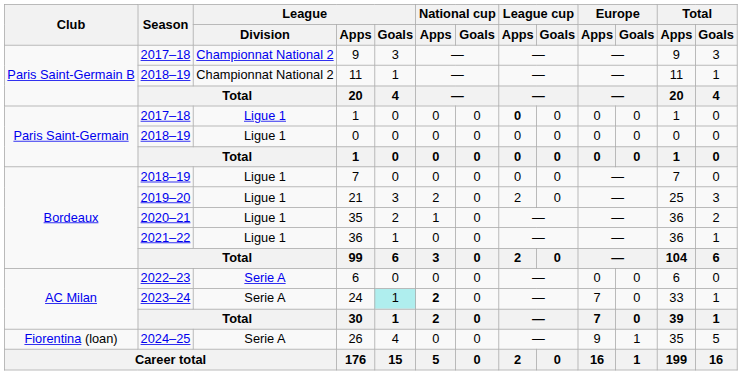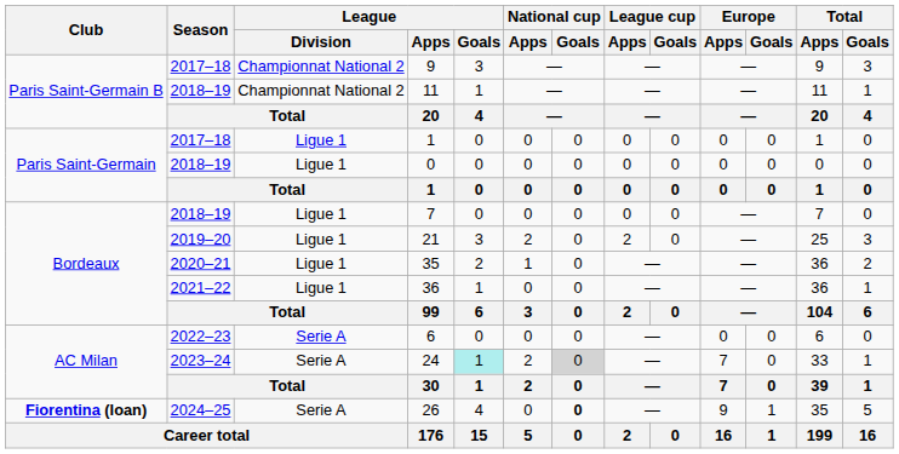 <table class="wikitable" style="text-align: center">
 <tr>
 <th rowspan="2">Club</th>
 <th rowspan="2">Season</th>
 <th colspan="3">League</th>
 <th colspan="2">National cup</th>
 <th colspan="2">League cup</th>
 <th colspan="2">Europe</th>
 <th colspan="2">Total</th>
 </tr>
 <tr>
 <th>Division</th>
 <th>Apps</th>
 <th>Goals</th>
 <th>Apps</th>
 <th>Goals</th>
 <th>Apps</th>
 <th>Goals</th>
 <th>Apps</th>
 <th>Goals</th>
 <th>Apps</th>
 <th>Goals</th>
 </tr>
 <tr>
 <td rowspan="3"><a href='#'>Paris Saint-Germain B</a></td>
 <td><a href='#'>2017–18</a></td>
 <td><a href='#'>Championnat National 2</a></td>
 <td>9</td>
 <td>3</td>
 <td colspan="2">—</td>
 <td colspan="2">—</td>
 <td colspan="2">—</td>
 <td>9</td>
 <td>3</td>
 </tr>
 <tr>
 <td><a href='#'>2018–19</a></td>
 <td>Championnat National 2</td>
 <td>11</td>
 <td>1</td>
 <td colspan="2">—</td>
 <td colspan="2">—</td>
 <td colspan="2">—</td>
 <td>11</td>
 <td>1</td>
 </tr>
 <tr>
 <th colspan="2">Total</th>
 <th>20</th>
 <th>4</th>
 <th colspan="2">—</th>
 <th colspan="2">—</th>
 <th colspan="2">—</th>
 <th>20</th>
 <th>4</th>
 </tr>
 <tr>
 <td rowspan="3"><a href='#'>Paris Saint-Germain</a></td>
 <td><a href='#'>2017–18</a></td>
 <td><a href='#'>Ligue 1</a></td>
 <td>1</td>
 <td>0</td>
 <td>0</td>
 <td>0</td>
-<td><strong>0</strong></td>
+<td>0</td>
 <td>0</td>
 <td>0</td>
 <td>0</td>
 <td>1</td>
 <td>0</td>
 </tr>
 <tr>
 <td><a href='#'>2018–19</a></td>
 <td>Ligue 1</td>
 <td>0</td>
 <td>0</td>
 <td>0</td>
 <td>0</td>
 <td>0</td>
 <td>0</td>
 <td>0</td>
 <td>0</td>
 <td>0</td>
 <td>0</td>
 </tr>
 <tr>
 <th colspan="2">Total</th>
 <th>1</th>
 <th>0</th>
 <th>0</th>
 <th>0</th>
 <th>0</th>
 <th>0</th>
 <th>0</th>
 <th>0</th>
 <th>1</th>
 <th>0</th>
 </tr>
 <tr>
 <td rowspan="5"><a href='#'>Bordeaux</a></td>
 <td><a href='#'>2018–19</a></td>
 <td>Ligue 1</td>
 <td>7</td>
 <td>0</td>
 <td>0</td>
 <td>0</td>
 <td>0</td>
 <td>0</td>
 <td colspan="2">—</td>
 <td>7</td>
 <td>0</td>
 </tr>
 <tr>
 <td><a href='#'>2019–20</a></td>
 <td>Ligue 1</td>
 <td>21</td>
 <td>3</td>
 <td>2</td>
 <td>0</td>
 <td>2</td>
 <td>0</td>
 <td colspan="2">—</td>
 <td>25</td>
 <td>3</td>
 </tr>
 <tr>
 <td><a href='#'>2020–21</a></td>
 <td>Ligue 1</td>
 <td>35</td>
 <td>2</td>
 <td>1</td>
 <td>0</td>
 <td colspan="2">—</td>
 <td colspan="2">—</td>
 <td>36</td>
 <td>2</td>
 </tr>
 <tr>
 <td><a href='#'>2021–22</a></td>
 <td>Ligue 1</td>
 <td>36</td>
 <td>1</td>
 <td>0</td>
 <td>0</td>
 <td colspan="2">—</td>
 <td colspan="2">—</td>
 <td>36</td>
 <td>1</td>
 </tr>
 <tr>
 <th colspan="2">Total</th>
 <th>99</th>
 <th>6</th>
 <th>3</th>
 <th>0</th>
 <th>2</th>
 <th>0</th>
 <th colspan="2">—</th>
 <th>104</th>
 <th>6</th>
 </tr>
 <tr>
 <td rowspan="3"><a href='#'>AC Milan</a></td>
 <td><a href='#'>2022–23</a></td>
 <td><a href='#'>Serie A</a></td>
 <td>6</td>
 <td>0</td>
 <td>0</td>
 <td>0</td>
 <td colspan="2">—</td>
 <td>0</td>
 <td>0</td>
 <td>6</td>
 <td>0</td>
 </tr>
 <tr>
 <td><a href='#'>2023–24</a></td>
 <td>Serie A</td>
 <td>24</td>
 <td style="background: paleturquoise;">1</td>
-<td><strong>2</strong></td>
-<td>0</td>
+<td>2</td>
+<td style="background: lightgrey;">0</td>
 <td colspan="2">—</td>
 <td>7</td>
 <td>0</td>
 <td>33</td>
 <td>1</td>
 </tr>
 <tr>
 <th colspan="2">Total</th>
 <th>30</th>
 <th>1</th>
 <th>2</th>
 <th>0</th>
 <th colspan="2">—</th>
 <th>7</th>
 <th>0</th>
 <th>39</th>
 <th>1</th>
 </tr>
 <tr>
-<td><a href='#'>Fiorentina</a> (loan)</td>
+<td><strong><a href='#'>Fiorentina</a> (loan)</strong></td>
 <td><a href='#'>2024–25</a></td>
 <td>Serie A</td>
 <td>26</td>
 <td>4</td>
 <td>0</td>
-<td>0</td>
+<td><strong>0</strong></td>
 <td colspan="2">—</td>
 <td>9</td>
 <td>1</td>
 <td>35</td>
 <td>5</td>
 </tr>
 <tr>
 <th colspan="3">Career total</th>
 <th>176</th>
 <th>15</th>
 <th>5</th>
 <th>0</th>
 <th>2</th>
 <th>0</th>
 <th>16</th>
 <th>1</th>
 <th>199</th>
 <th>16</th>
 </tr>
 </table>
